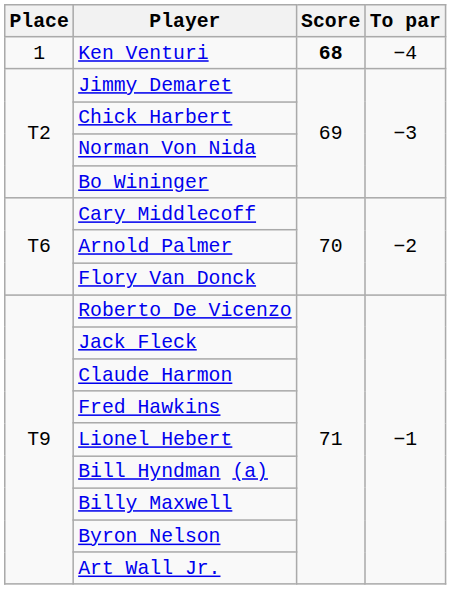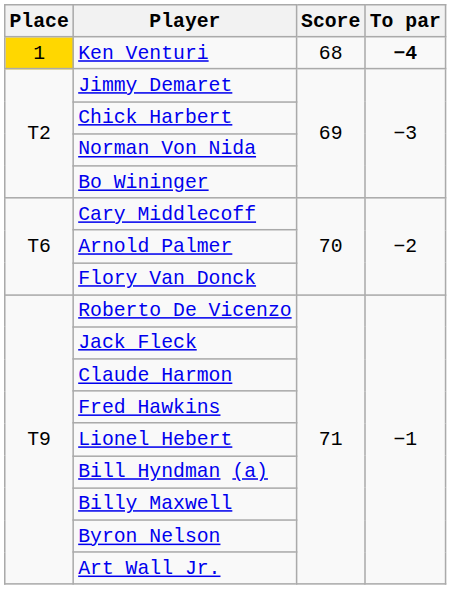 <table class="wikitable">
 <tr>
 <th>Place</th>
 <th>Player</th>
 <th>Score</th>
 <th>To par</th>
 </tr>
 <tr>
-<td align="center">1</td>
+<td align="center" style="background: gold;">1</td>
 <td> <a href='#'>Ken Venturi</a></td>
-<td align="center"><strong>68</strong></td>
-<td align="center">−4</td>
+<td align="center">68</td>
+<td align="center"><strong>−4</strong></td>
 </tr>
 <tr>
 <td rowspan="4" align="center">T2</td>
 <td> <a href='#'>Jimmy Demaret</a></td>
 <td rowspan="4" align="center">69</td>
 <td rowspan="4" align="center">−3</td>
 </tr>
 <tr>
 <td> <a href='#'>Chick Harbert</a></td>
 </tr>
 <tr>
 <td> <a href='#'>Norman Von Nida</a></td>
 </tr>
 <tr>
 <td> <a href='#'>Bo Wininger</a></td>
 </tr>
 <tr>
 <td rowspan="3" align="center">T6</td>
 <td> <a href='#'>Cary Middlecoff</a></td>
 <td rowspan="3" align="center">70</td>
 <td rowspan="3" align="center">−2</td>
 </tr>
 <tr>
 <td> <a href='#'>Arnold Palmer</a></td>
 </tr>
 <tr>
 <td> <a href='#'>Flory Van Donck</a></td>
 </tr>
 <tr>
 <td rowspan="9" align="center">T9</td>
 <td> <a href='#'>Roberto De Vicenzo</a></td>
 <td rowspan="9" align="center">71</td>
 <td rowspan="9" align="center">−1</td>
 </tr>
 <tr>
 <td> <a href='#'>Jack Fleck</a></td>
 </tr>
 <tr>
 <td> <a href='#'>Claude Harmon</a></td>
 </tr>
 <tr>
 <td> <a href='#'>Fred Hawkins</a></td>
 </tr>
 <tr>
 <td> <a href='#'>Lionel Hebert</a></td>
 </tr>
 <tr>
 <td> <a href='#'>Bill Hyndman</a> <a href='#'>(a)</a></td>
 </tr>
 <tr>
 <td> <a href='#'>Billy Maxwell</a></td>
 </tr>
 <tr>
 <td> <a href='#'>Byron Nelson</a></td>
 </tr>
 <tr>
 <td> <a href='#'>Art Wall Jr.</a></td>
 </tr>
 </table>
